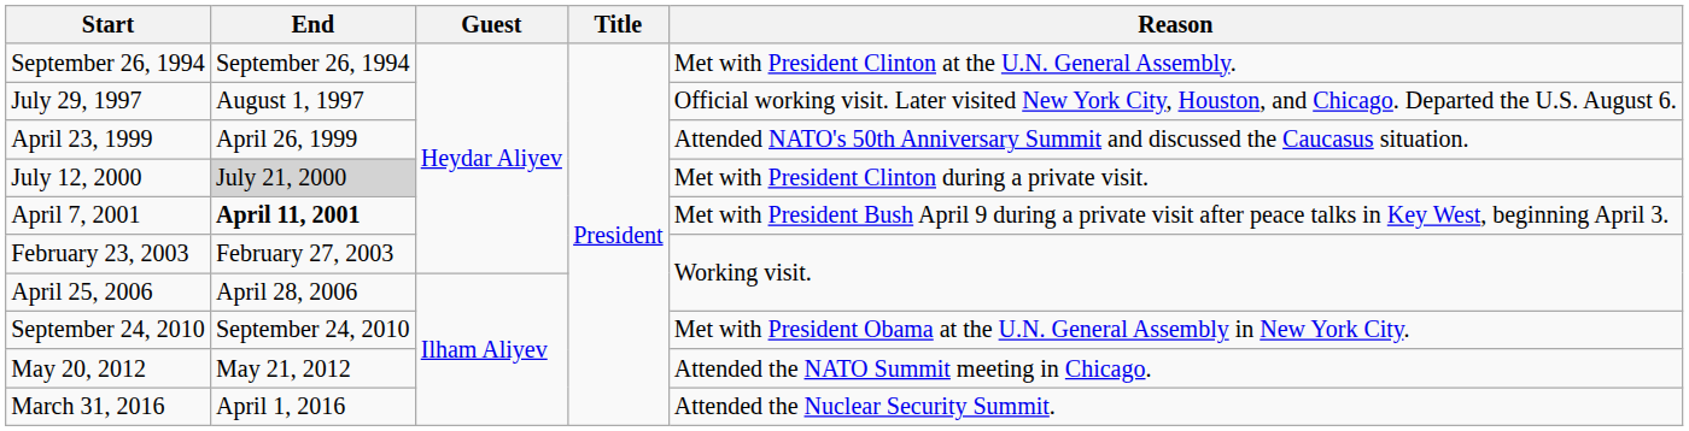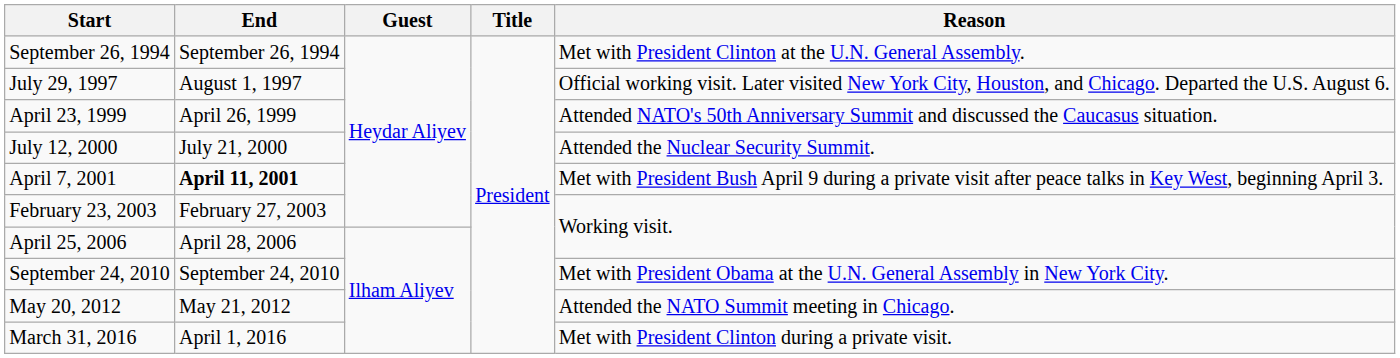 <table class="wikitable sortable">
 <tr>
 <th>Start</th>
 <th>End</th>
 <th>Guest</th>
 <th>Title</th>
 <th>Reason</th>
 </tr>
 <tr>
 <td>September 26, 1994</td>
 <td>September 26, 1994</td>
 <td rowspan=6><a href='#'>Heydar Aliyev</a></td>
 <td rowspan=10><a href='#'>President</a></td>
 <td>Met with <a href='#'>President Clinton</a> at the <a href='#'>U.N. General Assembly</a>.</td>
 </tr>
 <tr>
 <td>July 29, 1997</td>
 <td>August 1, 1997</td>
 <td>Official working visit. Later visited <a href='#'>New York City</a>, <a href='#'>Houston</a>, and <a href='#'>Chicago</a>. Departed the U.S. August 6.</td>
 </tr>
 <tr>
 <td>April 23, 1999</td>
 <td>April 26, 1999</td>
 <td>Attended <a href='#'>NATO's 50th Anniversary Summit</a> and discussed the <a href='#'>Caucasus</a> situation.</td>
 </tr>
 <tr>
 <td>July 12, 2000</td>
-<td style="background: lightgrey;">July 21, 2000</td>
-<td>Met with <a href='#'>President Clinton</a> during a private visit.</td>
+<td>July 21, 2000</td>
+<td>Attended the <a href='#'>Nuclear Security Summit</a>.</td>
 </tr>
 <tr>
 <td>April 7, 2001</td>
 <td><strong>April 11, 2001</strong></td>
 <td>Met with <a href='#'>President Bush</a> April 9 during a private visit after peace talks in <a href='#'>Key West</a>, beginning April 3.</td>
 </tr>
 <tr>
 <td>February 23, 2003</td>
 <td>February 27, 2003</td>
 <td rowspan=2>Working visit.</td>
 </tr>
 <tr>
 <td>April 25, 2006</td>
 <td>April 28, 2006</td>
 <td rowspan=4><a href='#'>Ilham Aliyev</a></td>
 </tr>
 <tr>
 <td>September 24, 2010</td>
 <td>September 24, 2010</td>
 <td>Met with <a href='#'>President Obama</a> at the <a href='#'>U.N. General Assembly</a> in <a href='#'>New York City</a>.</td>
 </tr>
 <tr>
 <td>May 20, 2012</td>
 <td>May 21, 2012</td>
 <td>Attended the <a href='#'>NATO Summit</a> meeting in <a href='#'>Chicago</a>.</td>
 </tr>
 <tr>
 <td>March 31, 2016</td>
 <td>April 1, 2016</td>
-<td>Attended the <a href='#'>Nuclear Security Summit</a>.</td>
+<td>Met with <a href='#'>President Clinton</a> during a private visit.</td>
 </tr>
 </table>
